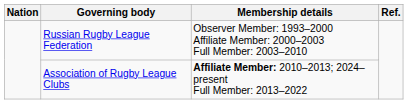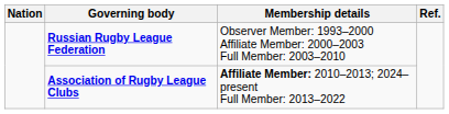 <table class="wikitable sortable" style="margin: 1em auto 1em auto">
 <tr>
 <th>Nation</th>
 <th>Governing body</th>
 <th>Membership details</th>
 <th>Ref.</th>
 </tr>
 <tr>
 <td rowspan="2"></td>
-<td><a href='#'>Russian Rugby League Federation</a></td>
+<td><strong><a href='#'>Russian Rugby League Federation</a></strong></td>
 <td>Observer Member: 1993–2000<br>Affiliate Member: 2000–2003<br>Full Member: 2003–2010</td>
 <td rowspan="2"></td>
 </tr>
 <tr>
-<td><a href='#'>Association of Rugby League Clubs</a></td>
+<td><strong><a href='#'>Association of Rugby League Clubs</a></strong></td>
 <td><strong>Affiliate Member:</strong> 2010–2013; 2024–present<br>Full Member: 2013–2022</td>
 </tr>
 </table>
